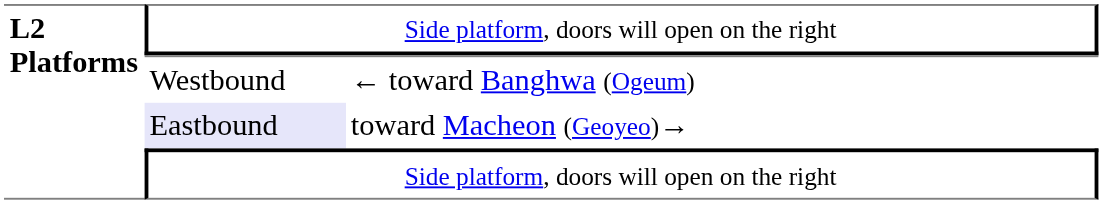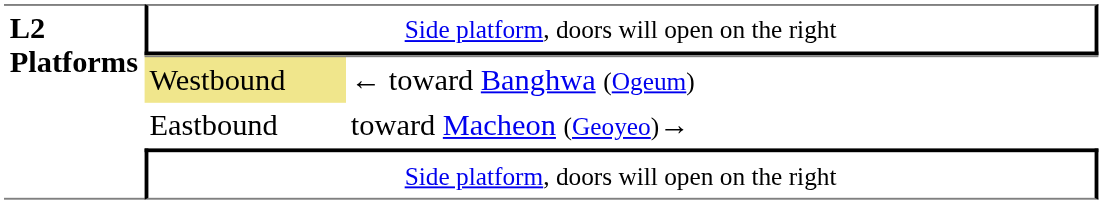 <table table border=0 cellspacing=0 cellpadding=3>
 <tr>
 <td style="border-top:solid 1px gray;border-bottom:solid 1px gray;" width=50 rowspan=10 valign=top><strong>L2<br>Platforms</strong></td>
 <td style="border-top:solid 1px gray;border-right:solid 2px black;border-left:solid 2px black;border-bottom:solid 2px black;text-align:center;" colspan=2><small><a href='#'>Side platform</a>, doors will open on the right</small></td>
 </tr>
 <tr>
-<td style="border-bottom:solid 0px gray;border-top:solid 1px gray;" width=100>Westbound</td>
+<td style="background: khaki; border-bottom:solid 0px gray;border-top:solid 1px gray;" width=100>Westbound</td>
 <td style="border-bottom:solid 0px gray;border-top:solid 1px gray;" width=390>←  toward <a href='#'>Banghwa</a> <small>(<a href='#'>Ogeum</a>)</small></td>
 </tr>
 <tr>
-<td style="background: lavender;">Eastbound</td>
+<td>Eastbound</td>
 <td>  toward <a href='#'>Macheon</a> <small>(<a href='#'>Geoyeo</a>)</small>→</td>
 </tr>
 <tr>
 <td style="border-top:solid 2px black;border-right:solid 2px black;border-left:solid 2px black;border-bottom:solid 1px gray;text-align:center;" colspan=2><small><a href='#'>Side platform</a>, doors will open on the right</small></td>
 </tr>
 </table>
